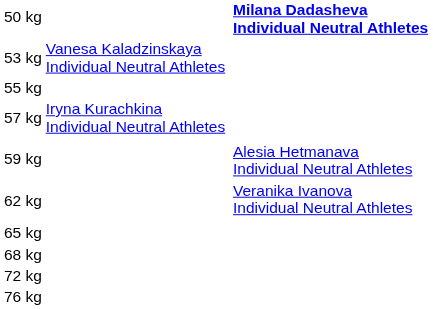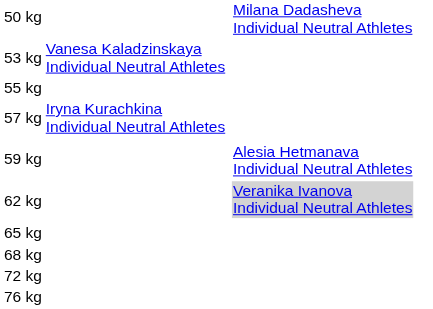 <table>
 <tr>
 <td rowspan=2>50 kg<br></td>
 <td rowspan=2></td>
 <td rowspan=2></td>
 <td></td>
 </tr>
 <tr>
-<td><strong><a href='#'>Milana Dadasheva</a><br><a href='#'>Individual Neutral Athletes</a></strong></td>
+<td><a href='#'>Milana Dadasheva</a><br><a href='#'>Individual Neutral Athletes</a></td>
 </tr>
 <tr>
 <td rowspan=2>53 kg<br></td>
 <td rowspan=2><a href='#'>Vanesa Kaladzinskaya</a><br><a href='#'>Individual Neutral Athletes</a></td>
 <td rowspan=2></td>
 <td></td>
 </tr>
 <tr>
 <td></td>
 </tr>
 <tr>
 <td rowspan=2>55 kg<br></td>
 <td rowspan=2></td>
 <td rowspan=2></td>
 <td></td>
 </tr>
 <tr>
 <td></td>
 </tr>
 <tr>
 <td rowspan=2>57 kg<br></td>
 <td rowspan=2><a href='#'>Iryna Kurachkina</a><br><a href='#'>Individual Neutral Athletes</a></td>
 <td rowspan=2></td>
 <td></td>
 </tr>
 <tr>
 <td></td>
 </tr>
 <tr>
 <td rowspan=2>59 kg<br></td>
 <td rowspan=2></td>
 <td rowspan=2></td>
 <td></td>
 </tr>
 <tr>
 <td><a href='#'>Alesia Hetmanava</a><br><a href='#'>Individual Neutral Athletes</a></td>
 </tr>
 <tr>
 <td rowspan=2>62 kg<br></td>
 <td rowspan=2></td>
 <td rowspan=2></td>
-<td><a href='#'>Veranika Ivanova</a><br><a href='#'>Individual Neutral Athletes</a></td>
+<td style="background: lightgrey;"><a href='#'>Veranika Ivanova</a><br><a href='#'>Individual Neutral Athletes</a></td>
 </tr>
 <tr>
 <td></td>
 </tr>
 <tr>
 <td rowspan=2>65 kg<br></td>
 <td rowspan=2></td>
 <td rowspan=2></td>
 <td></td>
 </tr>
 <tr>
 <td></td>
 </tr>
 <tr>
 <td rowspan=2>68 kg<br></td>
 <td rowspan=2></td>
 <td rowspan=2></td>
 <td></td>
 </tr>
 <tr>
 <td></td>
 </tr>
 <tr>
 <td rowspan=2>72 kg<br></td>
 <td rowspan=2></td>
 <td rowspan=2></td>
 <td></td>
 </tr>
 <tr>
 <td></td>
 </tr>
 <tr>
 <td rowspan=2>76 kg<br></td>
 <td rowspan=2></td>
 <td rowspan=2></td>
 <td></td>
 </tr>
 <tr>
 <td></td>
 </tr>
 </table>
